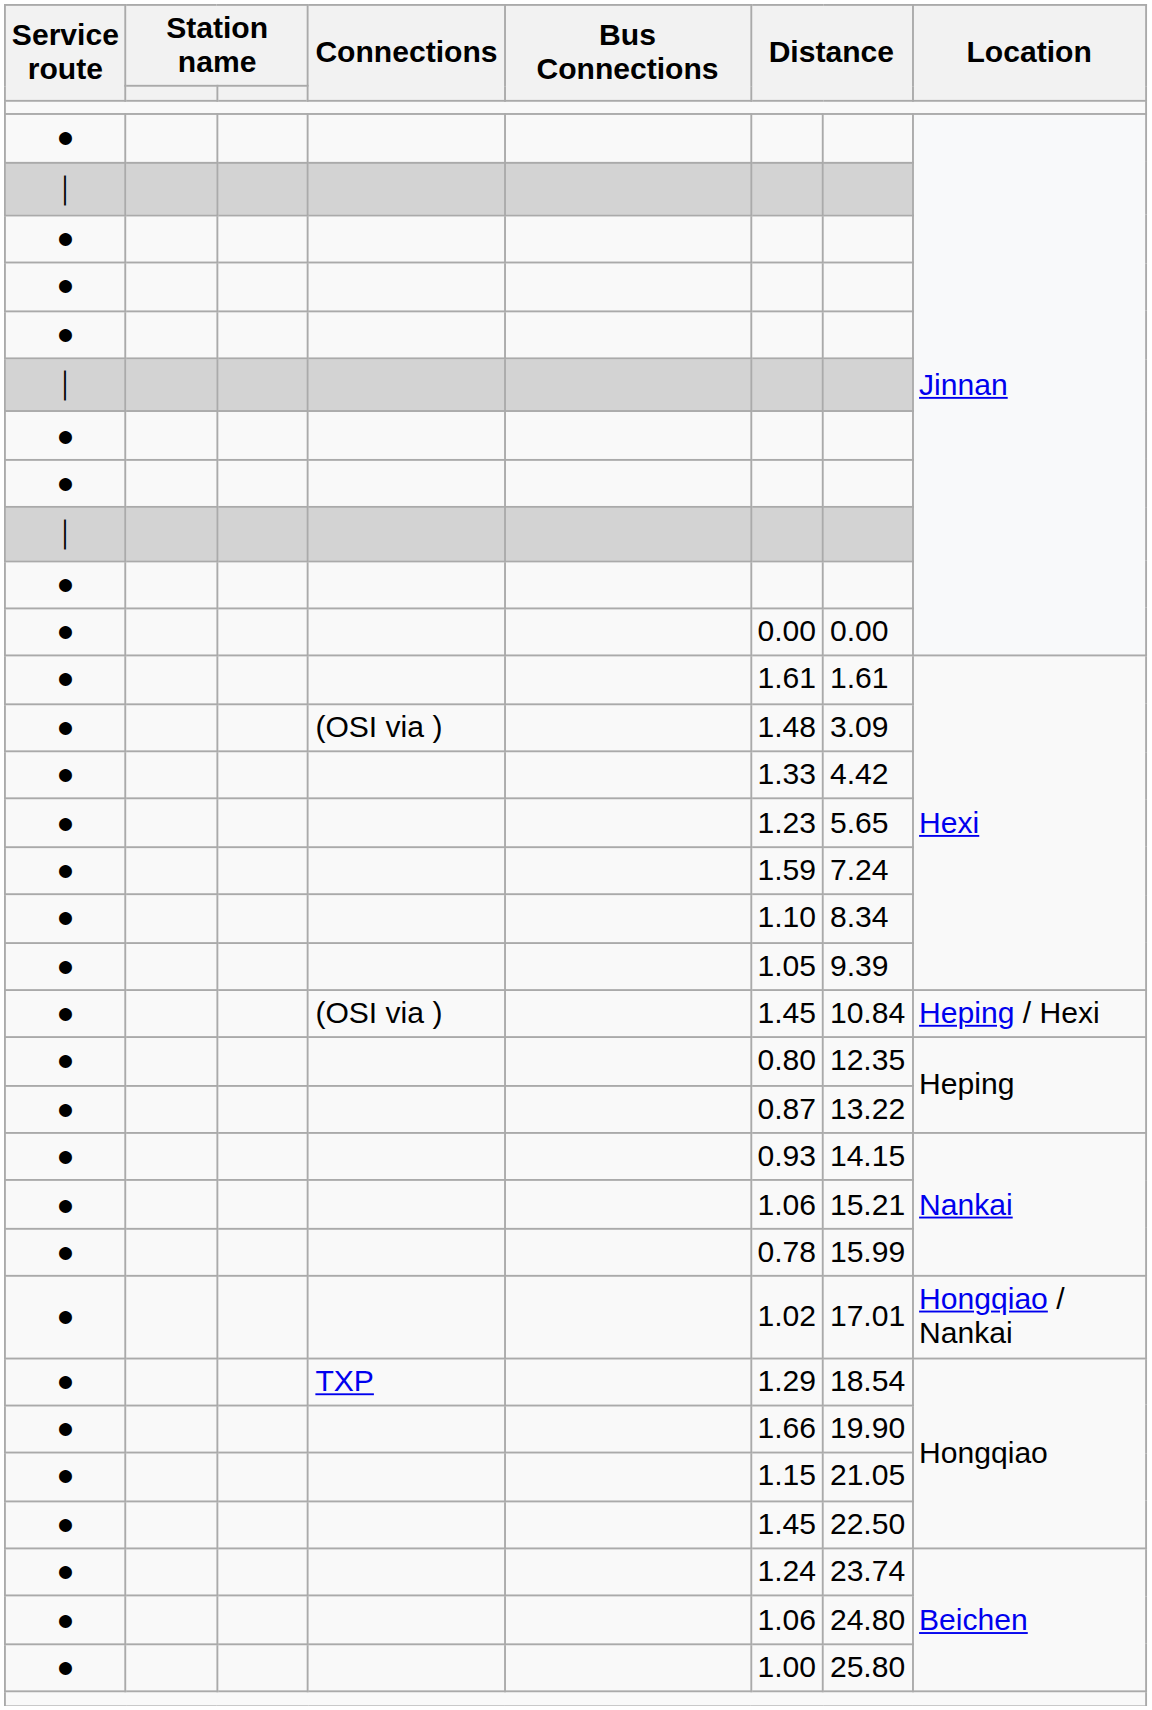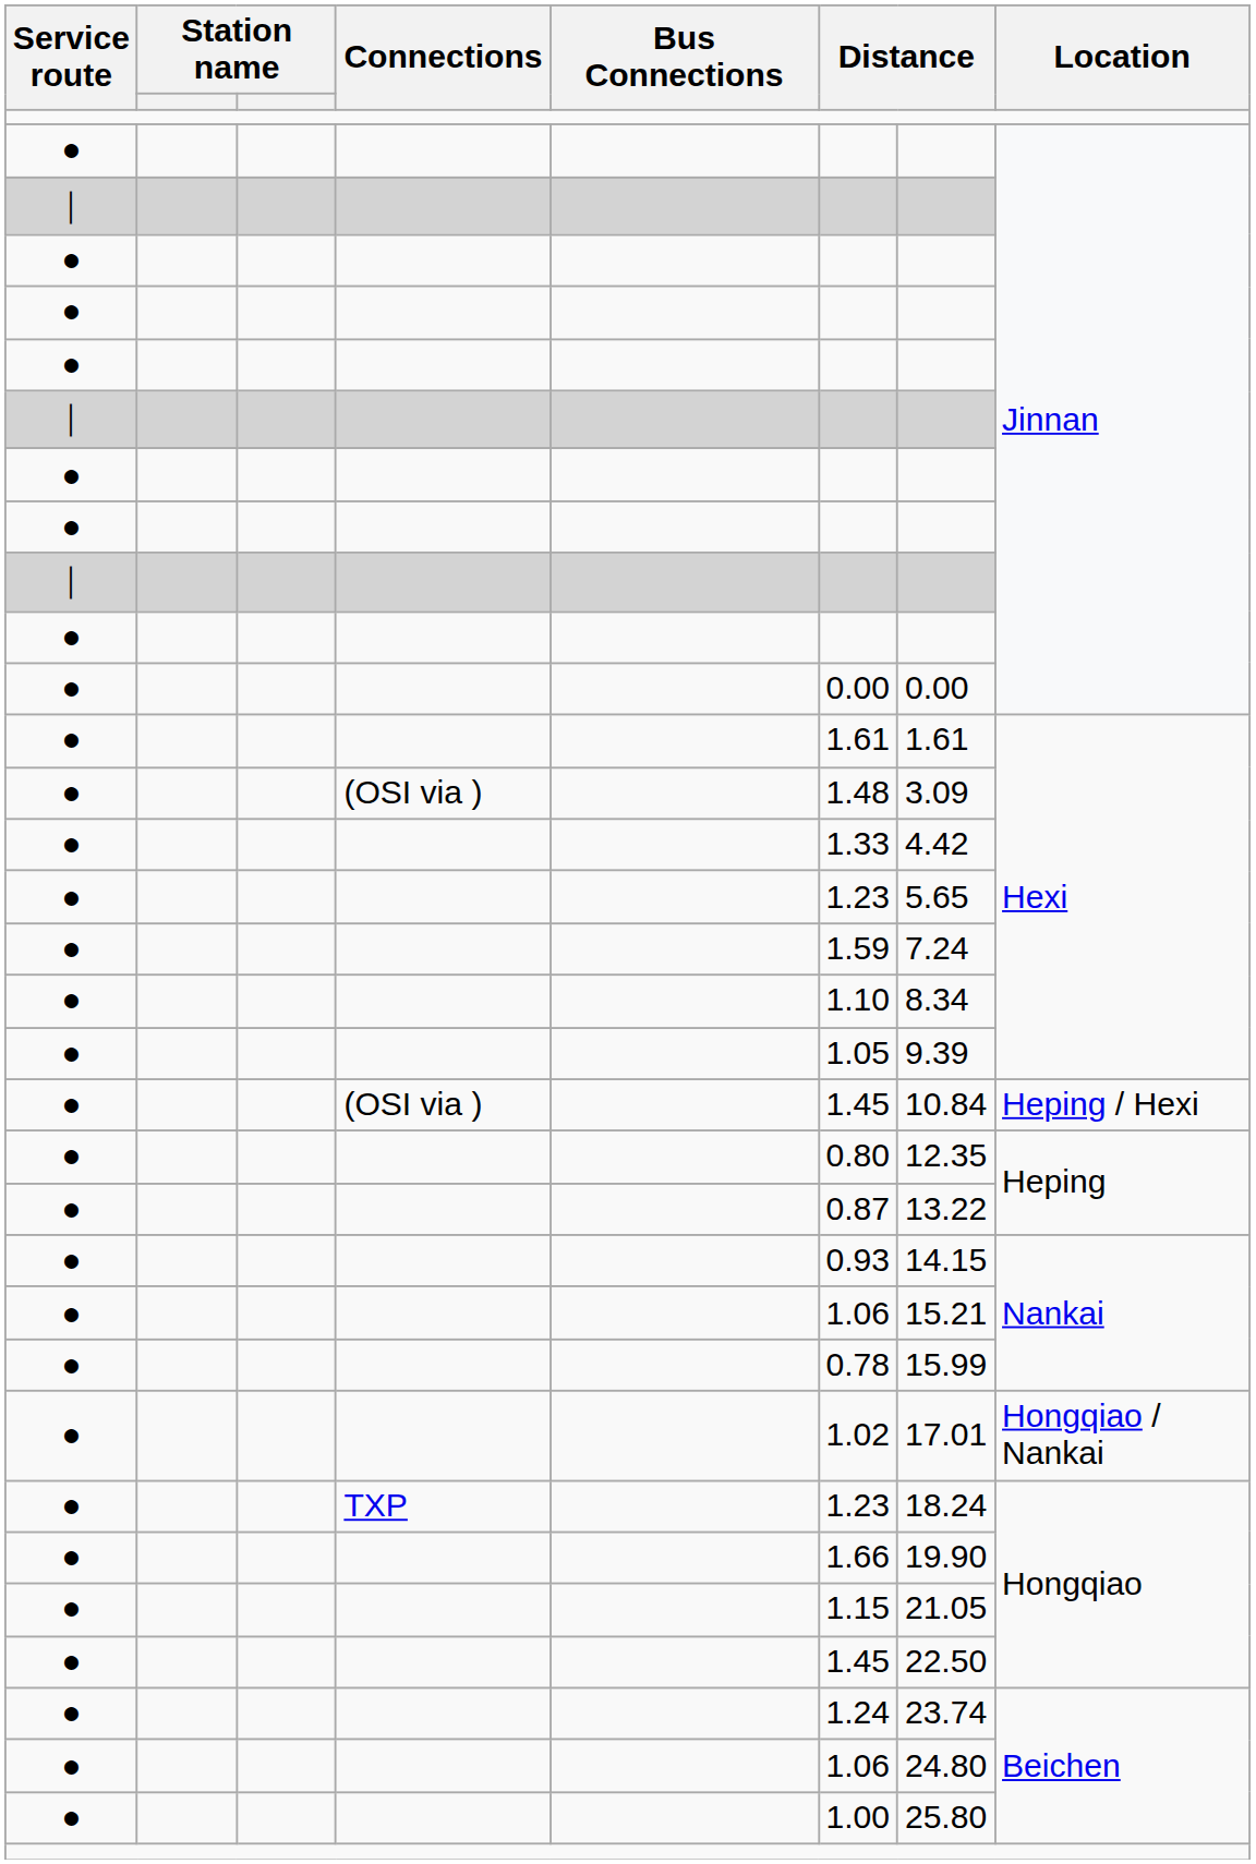 <table class="wikitable">
 <tr>
 <th rowspan="2">Service<br>route</th>
 <th colspan="2">Station name</th>
 <th rowspan="2">Connections</th>
 <th rowspan="2">Bus Connections</th>
 <th colspan="2" rowspan="2">Distance<br></th>
 <th rowspan="2">Location</th>
 </tr>
 <tr>
 <th></th>
 <th></th>
 </tr>
 <tr style="background:#">
 <td colspan = "8"></td>
 </tr>
 <tr>
 <td align="center">●</td>
 <td></td>
 <td></td>
 <td></td>
 <td></td>
 <td></td>
 <td></td>
 <td bgcolor=#F8F9FA rowspan="11"><a href='#'>Jinnan</a></td>
 </tr>
 <tr bgcolor="lightgrey">
 <td align="center">｜</td>
 <td></td>
 <td></td>
 <td></td>
 <td></td>
 <td></td>
 <td></td>
 </tr>
 <tr>
 <td align="center">●</td>
 <td></td>
 <td></td>
 <td></td>
 <td></td>
 <td></td>
 <td></td>
 </tr>
 <tr>
 <td align="center">●</td>
 <td></td>
 <td></td>
 <td></td>
 <td></td>
 <td></td>
 <td></td>
 </tr>
 <tr>
 <td align="center">●</td>
 <td></td>
 <td></td>
 <td></td>
 <td></td>
 <td></td>
 <td></td>
 </tr>
 <tr bgcolor="lightgrey">
 <td align="center">｜</td>
 <td></td>
 <td></td>
 <td></td>
 <td></td>
 <td></td>
 <td></td>
 </tr>
 <tr>
 <td align="center">●</td>
 <td></td>
 <td></td>
 <td></td>
 <td></td>
 <td></td>
 <td></td>
 </tr>
 <tr>
 <td align="center">●</td>
 <td></td>
 <td></td>
 <td></td>
 <td></td>
 <td></td>
 <td></td>
 </tr>
 <tr bgcolor="lightgrey">
 <td align="center">｜</td>
 <td></td>
 <td></td>
 <td></td>
 <td></td>
 <td></td>
 <td></td>
 </tr>
 <tr>
 <td align="center">●</td>
 <td></td>
 <td></td>
 <td></td>
 <td></td>
 <td></td>
 <td></td>
 </tr>
 <tr>
 <td align="center">●</td>
 <td></td>
 <td></td>
 <td></td>
 <td></td>
 <td>0.00</td>
 <td>0.00</td>
 </tr>
 <tr>
 <td align="center">●</td>
 <td></td>
 <td></td>
 <td></td>
 <td></td>
 <td>1.61</td>
 <td>1.61</td>
 <td rowspan=7><a href='#'>Hexi</a></td>
 </tr>
 <tr>
 <td align="center">●</td>
 <td></td>
 <td></td>
 <td> (OSI via )</td>
 <td></td>
 <td>1.48</td>
 <td>3.09</td>
 </tr>
 <tr>
 <td align="center">●</td>
 <td></td>
 <td></td>
 <td></td>
 <td></td>
 <td>1.33</td>
 <td>4.42</td>
 </tr>
 <tr>
 <td align="center">●</td>
 <td></td>
 <td></td>
 <td></td>
 <td></td>
 <td>1.23</td>
 <td>5.65</td>
 </tr>
 <tr>
 <td align="center">●</td>
 <td></td>
 <td></td>
 <td></td>
 <td></td>
 <td>1.59</td>
 <td>7.24</td>
 </tr>
 <tr>
 <td align="center">●</td>
 <td></td>
 <td></td>
 <td></td>
 <td></td>
 <td>1.10</td>
 <td>8.34</td>
 </tr>
 <tr>
 <td align="center">●</td>
 <td></td>
 <td></td>
 <td></td>
 <td></td>
 <td>1.05</td>
 <td>9.39</td>
 </tr>
 <tr>
 <td align="center">●</td>
 <td></td>
 <td></td>
 <td> (OSI via )</td>
 <td></td>
 <td>1.45</td>
 <td>10.84</td>
 <td><a href='#'>Heping</a> / Hexi</td>
 </tr>
 <tr>
 <td align="center">●</td>
 <td></td>
 <td></td>
 <td></td>
 <td></td>
 <td>0.80</td>
 <td>12.35</td>
 <td rowspan="2">Heping</td>
 </tr>
 <tr>
 <td align="center">●</td>
 <td></td>
 <td></td>
 <td></td>
 <td></td>
 <td>0.87</td>
 <td>13.22</td>
 </tr>
 <tr>
 <td align="center">●</td>
 <td></td>
 <td></td>
 <td></td>
 <td></td>
 <td>0.93</td>
 <td>14.15</td>
 <td rowspan=3><a href='#'>Nankai</a></td>
 </tr>
 <tr>
 <td align="center">●</td>
 <td></td>
 <td></td>
 <td></td>
 <td></td>
 <td>1.06</td>
 <td>15.21</td>
 </tr>
 <tr>
 <td align="center">●</td>
 <td></td>
 <td></td>
 <td></td>
 <td></td>
 <td>0.78</td>
 <td>15.99</td>
 </tr>
 <tr>
 <td align="center">●</td>
 <td></td>
 <td></td>
 <td></td>
 <td></td>
 <td>1.02</td>
 <td>17.01</td>
 <td><a href='#'>Hongqiao</a> / Nankai</td>
 </tr>
 <tr>
 <td align="center">●</td>
 <td></td>
 <td></td>
 <td>  <a href='#'>TXP</a></td>
 <td></td>
-<td>1.29</td>
-<td>18.54</td>
+<td>1.23</td>
+<td>18.24</td>
 <td rowspan="4">Hongqiao</td>
 </tr>
 <tr>
 <td align="center">●</td>
 <td></td>
 <td></td>
 <td></td>
 <td></td>
 <td>1.66</td>
 <td>19.90</td>
 </tr>
 <tr>
 <td align="center">●</td>
 <td></td>
 <td></td>
 <td></td>
 <td></td>
 <td>1.15</td>
 <td>21.05</td>
 </tr>
 <tr>
 <td align="center">●</td>
 <td></td>
 <td></td>
 <td></td>
 <td></td>
 <td>1.45</td>
 <td>22.50</td>
 </tr>
 <tr>
 <td align="center">●</td>
 <td></td>
 <td></td>
 <td></td>
 <td></td>
 <td>1.24</td>
 <td>23.74</td>
 <td rowspan=3><a href='#'>Beichen</a></td>
 </tr>
 <tr>
 <td align="center">●</td>
 <td></td>
 <td></td>
 <td></td>
 <td></td>
 <td>1.06</td>
 <td>24.80</td>
 </tr>
 <tr>
 <td align="center">●</td>
 <td></td>
 <td></td>
 <td></td>
 <td></td>
 <td>1.00</td>
 <td>25.80</td>
 </tr>
 <tr style="background:#">
 <td colspan = "8"></td>
 </tr>
 </table>
